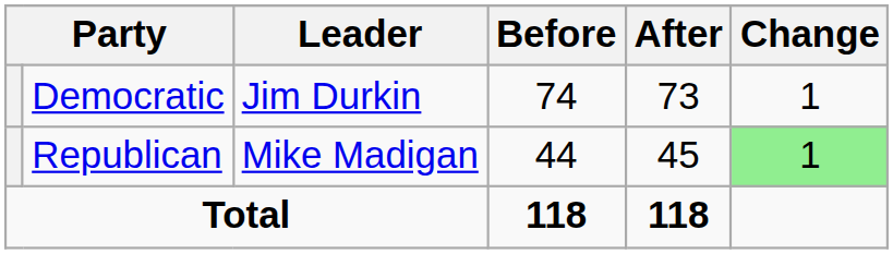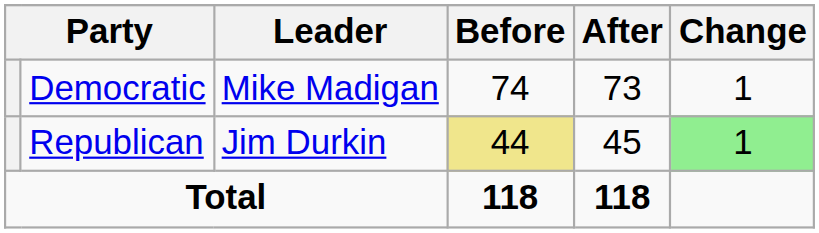 <table class="wikitable" style="text-align:center;">
 <tr>
 </tr>
 <tr>
 <th colspan=2>Party</th>
 <th>Leader</th>
 <th>Before</th>
 <th>After</th>
 <th>Change</th>
 </tr>
 <tr>
 <th style="background-color:"></th>
 <td style="text-align:left;"><a href='#'>Democratic</a></td>
-<td style="text-align:left;"><a href='#'>Jim Durkin</a></td>
+<td style="text-align:left;"><a href='#'>Mike Madigan</a></td>
 <td>74</td>
 <td>73</td>
 <td> 1</td>
 </tr>
 <tr>
 <th style="background-color:"></th>
 <td style="text-align:left;"><a href='#'>Republican</a></td>
-<td style="text-align:left;"><a href='#'>Mike Madigan</a></td>
-<td>44</td>
+<td style="text-align:left;"><a href='#'>Jim Durkin</a></td>
+<td style="background: khaki;">44</td>
 <td>45</td>
 <td style="background: lightgreen;"> 1</td>
 </tr>
 <tr>
 <td colspan=3><strong>Total</strong></td>
 <td><strong>118</strong></td>
 <td><strong>118</strong></td>
 <td></td>
 </tr>
 </table>
